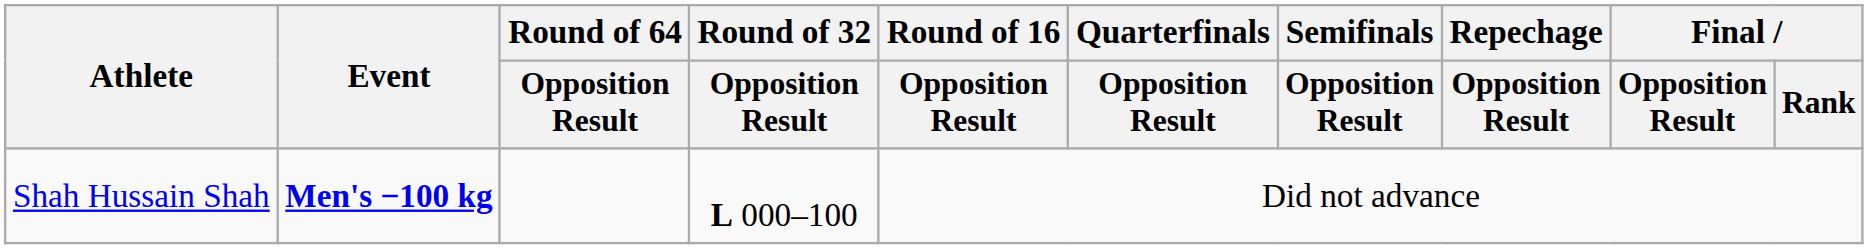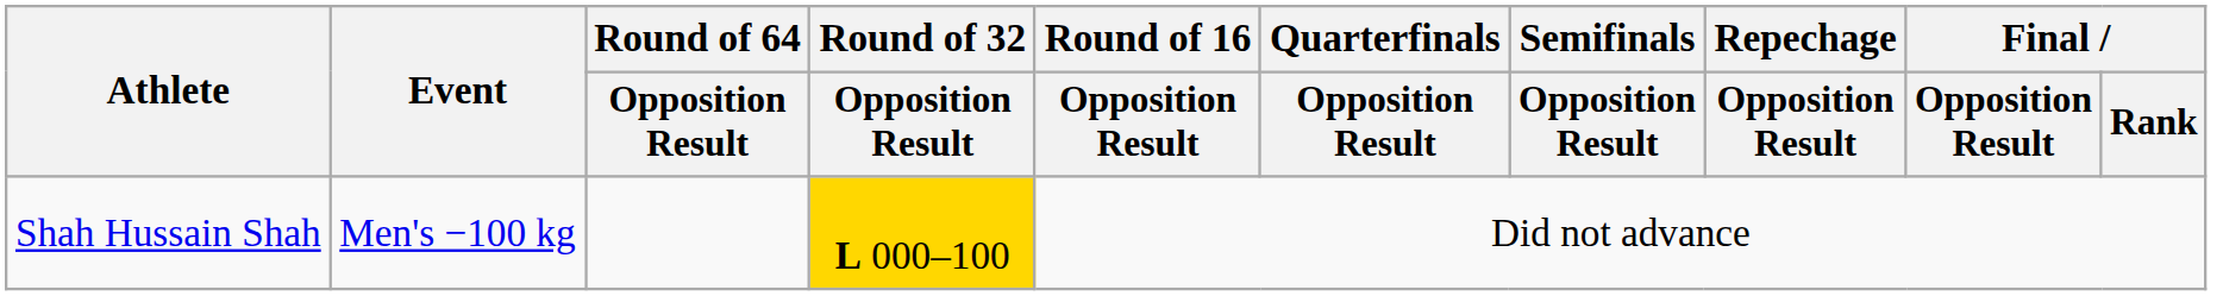 <table class="wikitable" style="font-size:90%;">
 <tr>
 <th rowspan=2>Athlete</th>
 <th rowspan=2>Event</th>
 <th>Round of 64</th>
 <th>Round of 32</th>
 <th>Round of 16</th>
 <th>Quarterfinals</th>
 <th>Semifinals</th>
 <th>Repechage</th>
 <th colspan=2>Final / </th>
 </tr>
 <tr style="font-size:95%">
 <th>Opposition<br>Result</th>
 <th>Opposition<br>Result</th>
 <th>Opposition<br>Result</th>
 <th>Opposition<br>Result</th>
 <th>Opposition<br>Result</th>
 <th>Opposition<br>Result</th>
 <th>Opposition<br>Result</th>
 <th>Rank</th>
 </tr>
 <tr align=center>
 <td align=left><a href='#'>Shah Hussain Shah</a></td>
-<td align=left><strong><a href='#'>Men's −100 kg</a></strong></td>
+<td align=left><a href='#'>Men's −100 kg</a></td>
 <td></td>
-<td><br><strong>L</strong> 000–100</td>
+<td style="background: gold;"><br><strong>L</strong> 000–100</td>
 <td colspan=6>Did not advance</td>
 </tr>
 </table>
